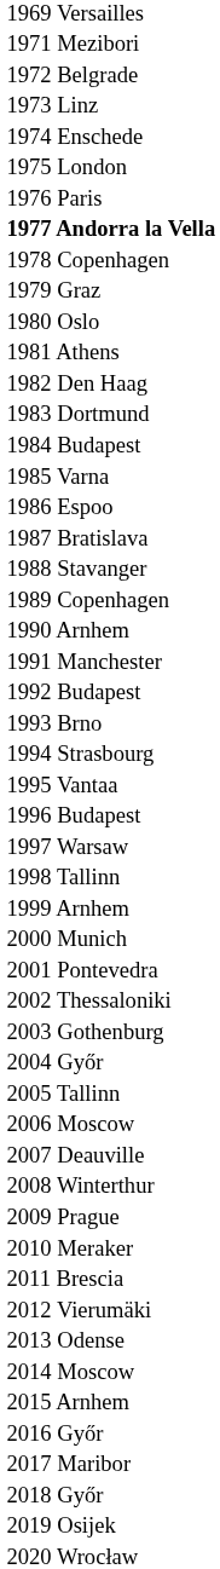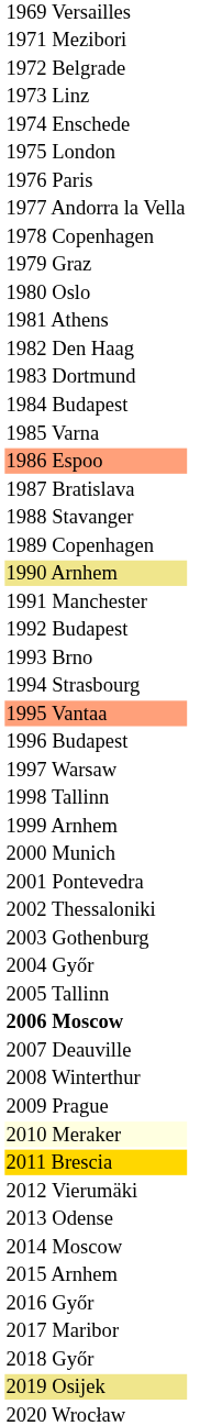 <table>
 <tr>
 <td>1969 Versailles</td>
 <td></td>
 <td></td>
 <td></td>
 </tr>
 <tr>
 <td>1971 Mezibori</td>
 <td></td>
 <td></td>
 <td></td>
 </tr>
 <tr>
 <td>1972 Belgrade</td>
 <td></td>
 <td></td>
 <td></td>
 </tr>
 <tr>
 <td>1973 Linz</td>
 <td></td>
 <td></td>
 <td></td>
 </tr>
 <tr>
 <td>1974 Enschede</td>
 <td></td>
 <td></td>
 <td></td>
 </tr>
 <tr>
 <td>1975 London</td>
 <td></td>
 <td></td>
 <td></td>
 </tr>
 <tr>
 <td>1976 Paris</td>
 <td></td>
 <td></td>
 <td></td>
 </tr>
 <tr>
-<td><strong>1977 Andorra la Vella</strong></td>
+<td>1977 Andorra la Vella</td>
 <td></td>
 <td></td>
 <td></td>
 </tr>
 <tr>
 <td>1978 Copenhagen</td>
 <td></td>
 <td></td>
 <td></td>
 </tr>
 <tr>
 <td>1979 Graz</td>
 <td></td>
 <td></td>
 <td></td>
 </tr>
 <tr>
 <td>1980 Oslo</td>
 <td></td>
 <td></td>
 <td></td>
 </tr>
 <tr>
 <td>1981 Athens</td>
 <td></td>
 <td></td>
 <td></td>
 </tr>
 <tr>
 <td>1982 Den Haag</td>
 <td></td>
 <td></td>
 <td></td>
 </tr>
 <tr>
 <td>1983 Dortmund</td>
 <td></td>
 <td></td>
 <td></td>
 </tr>
 <tr>
 <td>1984 Budapest</td>
 <td></td>
 <td></td>
 <td></td>
 </tr>
 <tr>
 <td>1985 Varna</td>
 <td></td>
 <td></td>
 <td></td>
 </tr>
 <tr>
-<td>1986 Espoo</td>
+<td style="background: lightsalmon;">1986 Espoo</td>
 <td></td>
 <td></td>
 <td></td>
 </tr>
 <tr>
 <td>1987 Bratislava</td>
 <td></td>
 <td></td>
 <td></td>
 </tr>
 <tr>
 <td>1988 Stavanger</td>
 <td></td>
 <td></td>
 <td></td>
 </tr>
 <tr>
 <td>1989 Copenhagen</td>
 <td></td>
 <td></td>
 <td></td>
 </tr>
 <tr>
-<td>1990 Arnhem</td>
+<td style="background: khaki;">1990 Arnhem</td>
 <td></td>
 <td></td>
 <td></td>
 </tr>
 <tr>
 <td>1991 Manchester</td>
 <td></td>
 <td></td>
 <td></td>
 </tr>
 <tr>
 <td>1992 Budapest</td>
 <td></td>
 <td></td>
 <td></td>
 </tr>
 <tr>
 <td>1993 Brno</td>
 <td></td>
 <td></td>
 <td></td>
 </tr>
 <tr>
 <td>1994 Strasbourg</td>
 <td></td>
 <td></td>
 <td></td>
 </tr>
 <tr>
-<td>1995 Vantaa</td>
+<td style="background: lightsalmon;">1995 Vantaa</td>
 <td></td>
 <td></td>
 <td></td>
 </tr>
 <tr>
 <td>1996 Budapest</td>
 <td></td>
 <td></td>
 <td></td>
 </tr>
 <tr>
 <td>1997 Warsaw</td>
 <td></td>
 <td></td>
 <td></td>
 </tr>
 <tr>
 <td>1998 Tallinn</td>
 <td></td>
 <td></td>
 <td></td>
 </tr>
 <tr>
 <td>1999 Arnhem</td>
 <td></td>
 <td></td>
 <td></td>
 </tr>
 <tr>
 <td>2000 Munich</td>
 <td></td>
 <td></td>
 <td></td>
 </tr>
 <tr>
 <td>2001 Pontevedra</td>
 <td></td>
 <td></td>
 <td></td>
 </tr>
 <tr>
 <td>2002 Thessaloniki</td>
 <td></td>
 <td></td>
 <td></td>
 </tr>
 <tr>
 <td>2003 Gothenburg</td>
 <td></td>
 <td></td>
 <td></td>
 </tr>
 <tr>
 <td>2004 Győr</td>
 <td></td>
 <td></td>
 <td></td>
 </tr>
 <tr>
 <td>2005 Tallinn</td>
 <td></td>
 <td></td>
 <td></td>
 </tr>
 <tr>
-<td>2006 Moscow</td>
+<td><strong>2006 Moscow</strong></td>
 <td></td>
 <td></td>
 <td></td>
 </tr>
 <tr>
 <td>2007 Deauville</td>
 <td></td>
 <td></td>
 <td></td>
 </tr>
 <tr>
 <td>2008 Winterthur</td>
 <td></td>
 <td></td>
 <td></td>
 </tr>
 <tr>
 <td>2009 Prague</td>
 <td></td>
 <td></td>
 <td></td>
 </tr>
 <tr>
-<td>2010 Meraker</td>
+<td style="background: lightyellow;">2010 Meraker</td>
 <td></td>
 <td></td>
 <td></td>
 </tr>
 <tr>
-<td>2011 Brescia</td>
+<td style="background: gold;">2011 Brescia</td>
 <td></td>
 <td></td>
 <td></td>
 </tr>
 <tr>
 <td>2012 Vierumäki</td>
 <td></td>
 <td></td>
 <td></td>
 </tr>
 <tr>
 <td>2013 Odense</td>
 <td></td>
 <td></td>
 <td></td>
 </tr>
 <tr>
 <td>2014 Moscow</td>
 <td></td>
 <td></td>
 <td></td>
 </tr>
 <tr>
 <td>2015 Arnhem</td>
 <td></td>
 <td></td>
 <td></td>
 </tr>
 <tr>
 <td>2016 Győr</td>
 <td></td>
 <td></td>
 <td></td>
 </tr>
 <tr>
 <td>2017 Maribor</td>
 <td></td>
 <td></td>
 <td></td>
 </tr>
 <tr>
 <td>2018 Győr</td>
 <td></td>
 <td></td>
 <td></td>
 </tr>
 <tr>
-<td>2019 Osijek</td>
+<td style="background: khaki;">2019 Osijek</td>
 <td></td>
 <td></td>
 <td></td>
 </tr>
 <tr>
 <td>2020 Wrocław</td>
 <td></td>
 <td></td>
 <td></td>
 </tr>
 </table>
